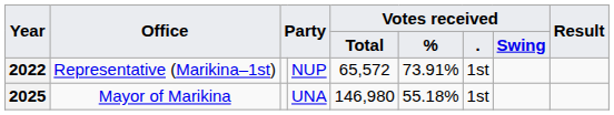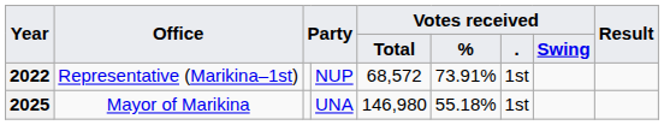 <table class="wikitable" style="font-size:90%; text-align:center;">
 <tr>
 <th rowspan="2" style="background:#eaecf0;">Year</th>
 <th rowspan="2" style="background:#eaecf0;">Office</th>
 <th colspan="2" rowspan="2" style="background:#eaecf0;">Party</th>
 <th colspan="4" style="background:#eaecf0;">Votes received</th>
 <th rowspan="2" style="background:#eaecf0;">Result</th>
 </tr>
 <tr>
 <th style="background:#eaecf0;">Total</th>
 <th style="background:#eaecf0;">%</th>
 <th style="background:#eaecf0;">.</th>
 <th style="background:#eaecf0;"><a href='#'>Swing</a></th>
 </tr>
 <tr>
 <th>2022</th>
 <td><a href='#'>Representative</a> (<a href='#'>Marikina–1st</a>)</td>
 <td style="background:"></td>
 <td><a href='#'>NUP</a></td>
-<td>65,572</td>
+<td>68,572</td>
 <td>73.91%</td>
 <td>1st</td>
 <td></td>
 <td></td>
 </tr>
 <tr>
 <th>2025</th>
 <td><a href='#'>Mayor of Marikina</a></td>
 <td style="background:"></td>
 <td><a href='#'>UNA</a></td>
 <td>146,980</td>
 <td>55.18%</td>
 <td>1st</td>
 <td></td>
 <td></td>
 </tr>
 </table>
